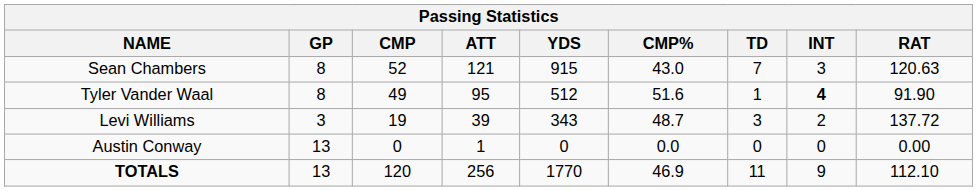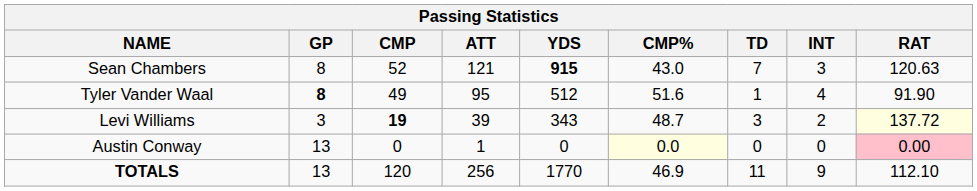 <table style="width:60%; text-align:center;" class="wikitable collapsible collapsed">
 <tr>
 <th colspan="10">Passing Statistics</th>
 </tr>
 <tr>
 <th>NAME</th>
 <th>GP</th>
 <th>CMP</th>
 <th>ATT</th>
 <th>YDS</th>
 <th>CMP%</th>
 <th>TD</th>
 <th>INT</th>
 <th>RAT</th>
 </tr>
 <tr>
 <td>Sean Chambers</td>
 <td>8</td>
 <td>52</td>
 <td>121</td>
-<td>915</td>
+<td><strong>915</strong></td>
 <td>43.0</td>
 <td>7</td>
 <td>3</td>
 <td>120.63</td>
 </tr>
 <tr>
 <td>Tyler Vander Waal</td>
-<td>8</td>
+<td><strong>8</strong></td>
 <td>49</td>
 <td>95</td>
 <td>512</td>
 <td>51.6</td>
 <td>1</td>
-<td><strong>4</strong></td>
+<td>4</td>
 <td>91.90</td>
 </tr>
 <tr>
 <td>Levi Williams</td>
 <td>3</td>
-<td>19</td>
+<td><strong>19</strong></td>
 <td>39</td>
 <td>343</td>
 <td>48.7</td>
 <td>3</td>
 <td>2</td>
-<td>137.72</td>
+<td style="background: lightyellow;">137.72</td>
 </tr>
 <tr>
 <td>Austin Conway</td>
 <td>13</td>
 <td>0</td>
 <td>1</td>
 <td>0</td>
-<td>0.0</td>
+<td style="background: lightyellow;">0.0</td>
 <td>0</td>
 <td>0</td>
-<td>0.00</td>
+<td style="background: pink;">0.00</td>
 </tr>
 <tr>
 <td><strong>TOTALS</strong></td>
 <td>13</td>
 <td>120</td>
 <td>256</td>
 <td>1770</td>
 <td>46.9</td>
 <td>11</td>
 <td>9</td>
 <td>112.10</td>
 </tr>
 </table>
